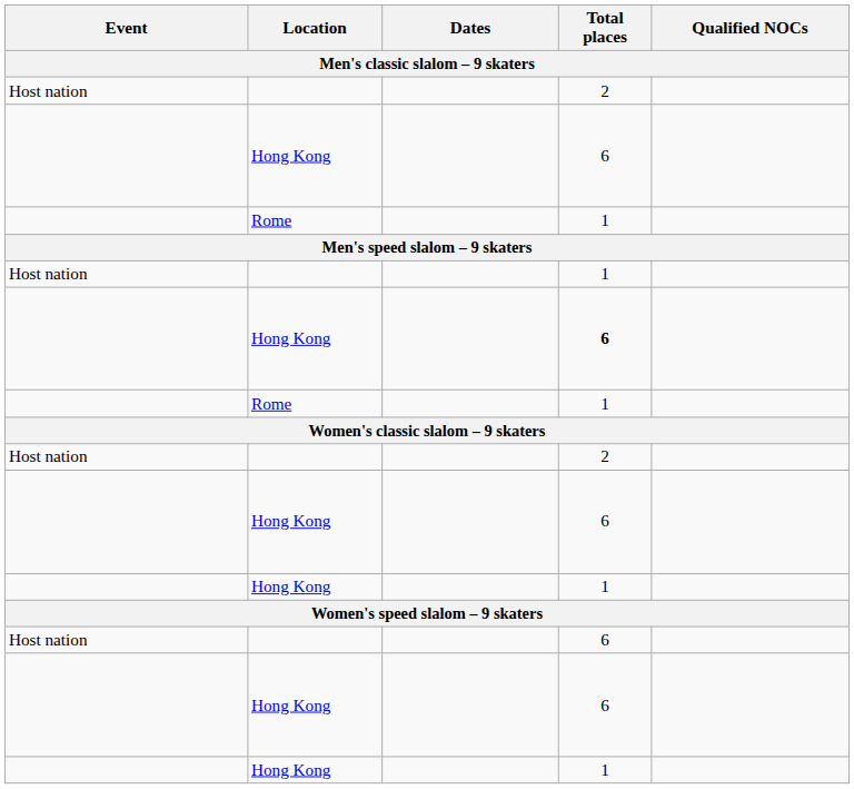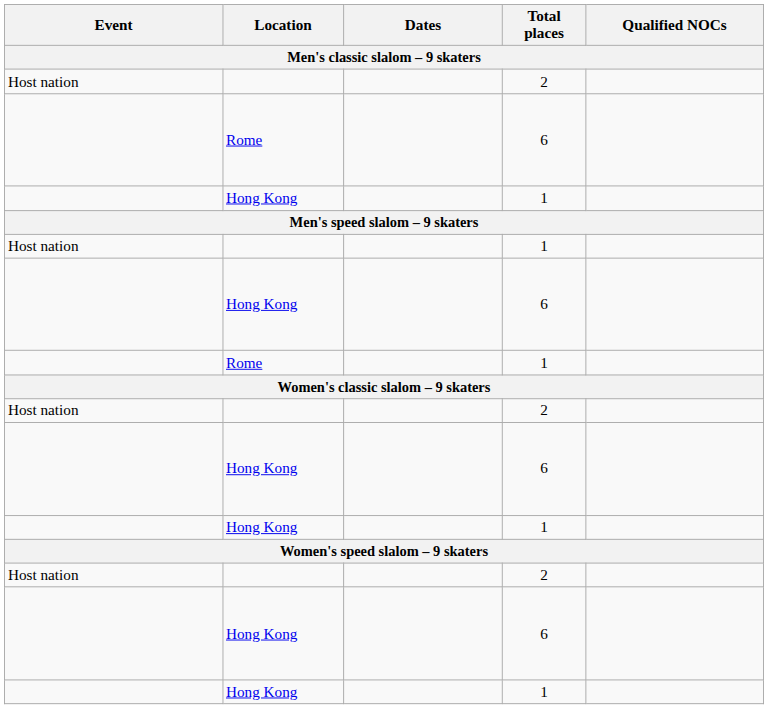 <table class="wikitable" width=800>
 <tr>
 <th>Event</th>
 <th width=120>Location</th>
 <th width=160>Dates</th>
 <th width=80>Total places</th>
 <th width=180>Qualified NOCs</th>
 </tr>
 <tr style="font-size:95%;">
 <th colspan=5>Men's classic slalom – 9 skaters</th>
 </tr>
 <tr>
 <td>Host nation</td>
 <td></td>
 <td></td>
 <td align="center">2</td>
 <td><br></td>
 </tr>
 <tr>
 <td></td>
-<td> <a href='#'>Hong Kong</a></td>
+<td> <a href='#'>Rome</a></td>
 <td align="center"></td>
 <td align="center">6</td>
 <td><br><br><br><br><br></td>
 </tr>
 <tr>
 <td></td>
-<td> <a href='#'>Rome</a></td>
+<td> <a href='#'>Hong Kong</a></td>
 <td align="center"></td>
 <td align="center">1</td>
 <td></td>
 </tr>
 <tr style="font-size:95%;">
 <th colspan=5>Men's speed slalom – 9 skaters</th>
 </tr>
 <tr>
 <td>Host nation</td>
 <td></td>
 <td></td>
 <td align="center">1</td>
 <td><br></td>
 </tr>
 <tr>
 <td></td>
 <td> <a href='#'>Hong Kong</a></td>
 <td align="center"></td>
-<td align="center"><strong>6</strong></td>
+<td align="center">6</td>
 <td><br><br><br><br><br></td>
 </tr>
 <tr>
 <td></td>
 <td> <a href='#'>Rome</a></td>
 <td align="center"></td>
 <td align="center">1</td>
 <td></td>
 </tr>
 <tr style="font-size:95%;">
 <th colspan=5>Women's classic slalom – 9 skaters</th>
 </tr>
 <tr>
 <td>Host nation</td>
 <td></td>
 <td></td>
 <td align="center">2</td>
 <td><br></td>
 </tr>
 <tr>
 <td></td>
 <td> <a href='#'>Hong Kong</a></td>
 <td align="center"></td>
 <td align="center">6</td>
 <td><br><br><br><br><br></td>
 </tr>
 <tr>
 <td></td>
 <td> <a href='#'>Hong Kong</a></td>
 <td align="center"></td>
 <td align="center">1</td>
 <td></td>
 </tr>
 <tr style="font-size:95%;">
 <th colspan=5>Women's speed slalom – 9 skaters</th>
 </tr>
 <tr>
 <td>Host nation</td>
 <td></td>
 <td></td>
-<td align="center">6</td>
+<td align="center">2</td>
 <td><br></td>
 </tr>
 <tr>
 <td></td>
 <td> <a href='#'>Hong Kong</a></td>
 <td align="center"></td>
 <td align="center">6</td>
 <td><br><br><br><br><br></td>
 </tr>
 <tr>
 <td></td>
 <td> <a href='#'>Hong Kong</a></td>
 <td align="center"></td>
 <td align="center">1</td>
 <td></td>
 </tr>
 </table>
